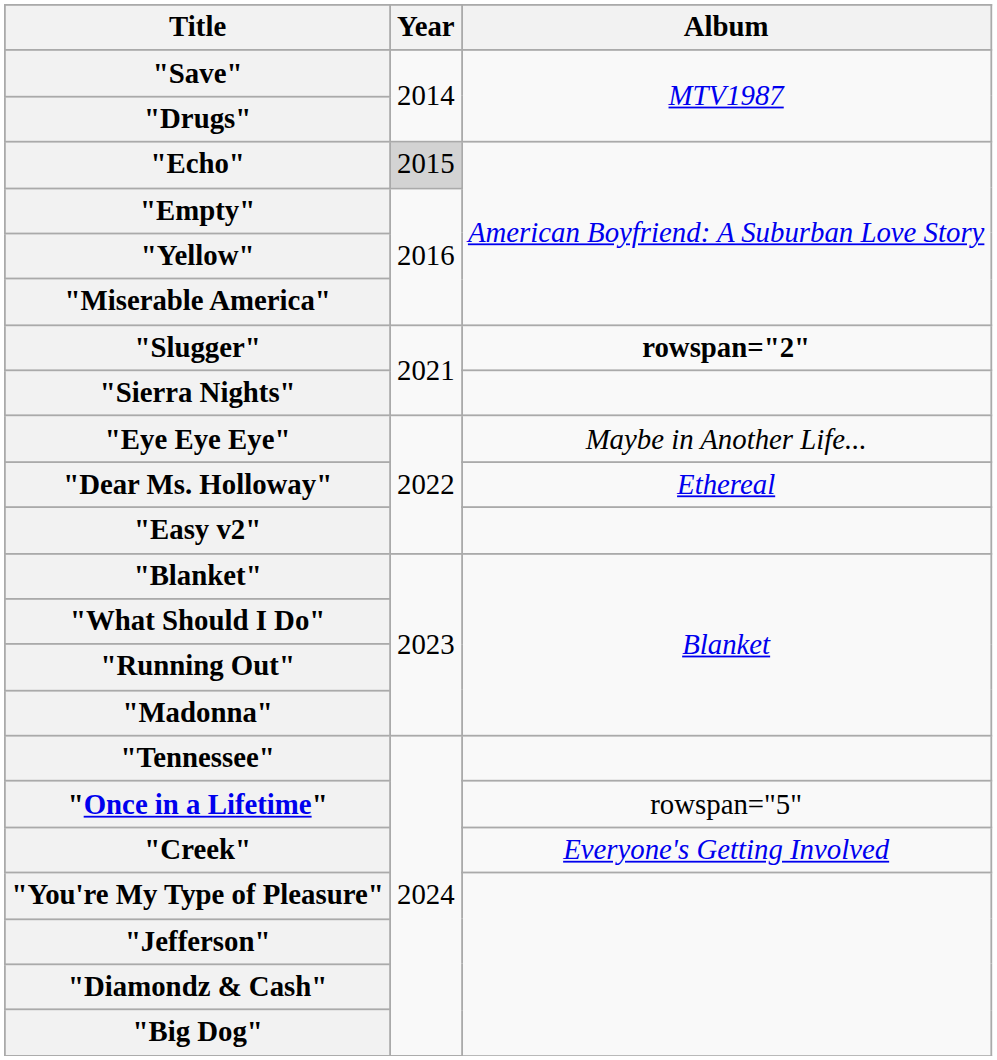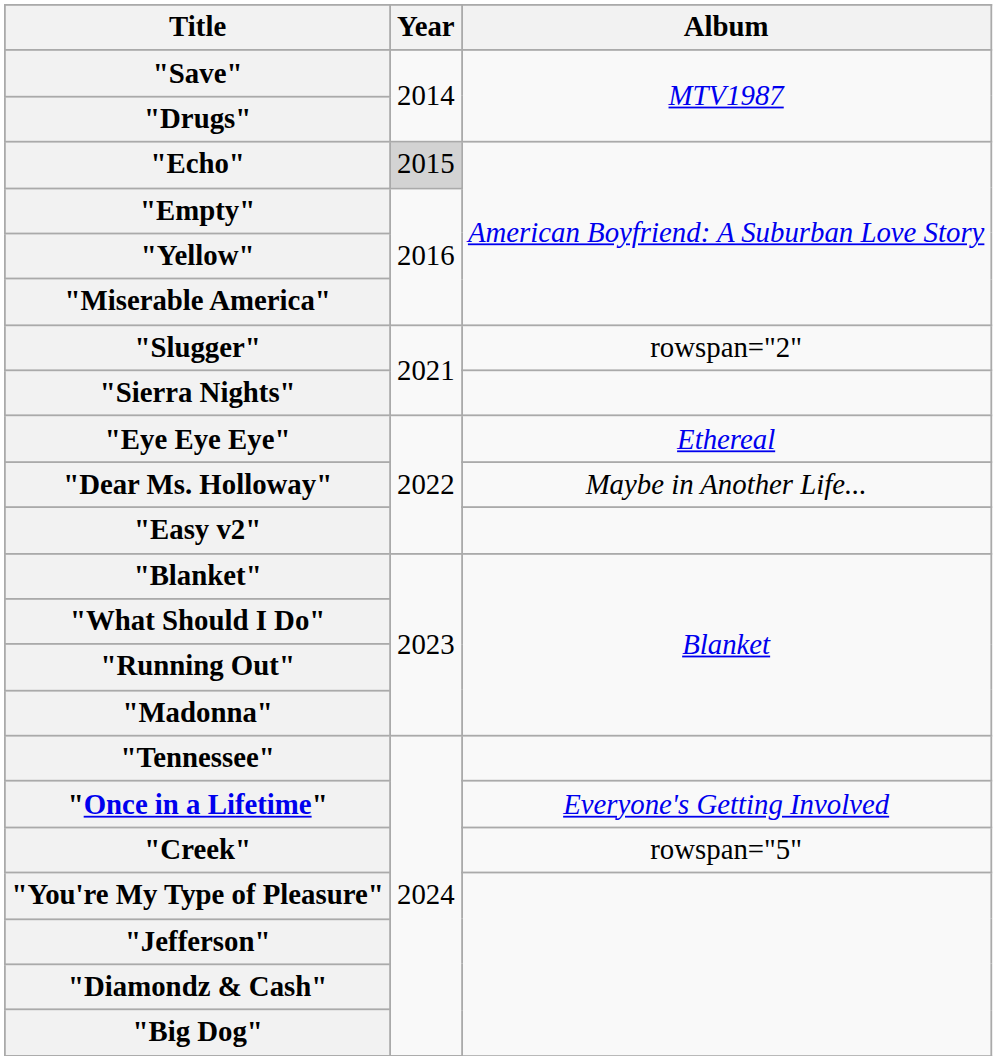 <table class="wikitable plainrowheaders" style="text-align:center;">
 <tr>
 <th>Title</th>
 <th>Year</th>
 <th>Album</th>
 </tr>
 <tr>
 <th scope="row">"Save"</th>
 <td rowspan="2">2014</td>
 <td rowspan="2"><em><a href='#'>MTV1987</a></em></td>
 </tr>
 <tr>
 <th scope="row">"Drugs"</th>
 </tr>
 <tr>
 <th scope="row">"Echo"</th>
 <td style="background: lightgrey;">2015</td>
 <td rowspan="4"><em><a href='#'>American Boyfriend: A Suburban Love Story</a></em></td>
 </tr>
 <tr>
 <th scope="row">"Empty"</th>
 <td rowspan="3">2016</td>
 </tr>
 <tr>
 <th scope="row">"Yellow"</th>
 </tr>
 <tr>
 <th scope="row">"Miserable America"</th>
 </tr>
 <tr>
 <th scope="row">"Slugger"<br></th>
 <td rowspan="2">2021</td>
-<td><strong>rowspan="2" </strong></td>
+<td>rowspan="2" </td>
 </tr>
 <tr>
 <th scope="row">"Sierra Nights"<br></th>
 </tr>
 <tr>
 <th scope="row">"Eye Eye Eye"<br></th>
 <td rowspan="3">2022</td>
-<td><em>Maybe in Another Life...</em></td>
+<td><em><a href='#'>Ethereal</a></em></td>
 </tr>
 <tr>
 <th scope="row">"Dear Ms. Holloway"<br></th>
-<td><em><a href='#'>Ethereal</a></em></td>
+<td><em>Maybe in Another Life...</em></td>
 </tr>
 <tr>
 <th scope="row">"Easy v2"<br></th>
 <td></td>
 </tr>
 <tr>
 <th scope="row">"Blanket"</th>
 <td rowspan="4">2023</td>
 <td rowspan="4"><em><a href='#'>Blanket</a></em></td>
 </tr>
 <tr>
 <th scope="row">"What Should I Do"</th>
 </tr>
 <tr>
 <th scope="row">"Running Out"</th>
 </tr>
 <tr>
 <th scope="row">"Madonna"</th>
 </tr>
 <tr>
 <th scope="row">"Tennessee"<br></th>
 <td rowspan="7">2024</td>
 <td></td>
 </tr>
 <tr>
 <th scope="row">"<a href='#'>Once in a Lifetime</a>"</th>
-<td>rowspan="5" </td>
+<td><em><a href='#'>Everyone's Getting Involved</a></em></td>
 </tr>
 <tr>
 <th scope="row">"Creek"<br></th>
-<td><em><a href='#'>Everyone's Getting Involved</a></em></td>
+<td>rowspan="5" </td>
 </tr>
 <tr>
 <th scope="row">"You're My Type of Pleasure"</th>
 </tr>
 <tr>
 <th scope="row">"Jefferson"</th>
 </tr>
 <tr>
 <th scope="row">"Diamondz & Cash"<br></th>
 </tr>
 <tr>
 <th scope="row">"Big Dog"</th>
 </tr>
 <tr>
 </tr>
 </table>
